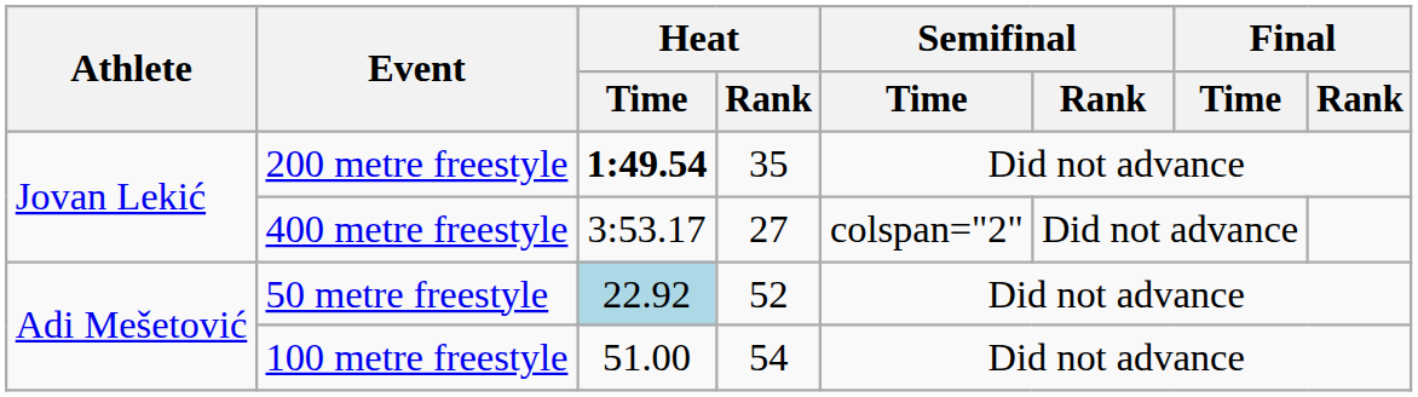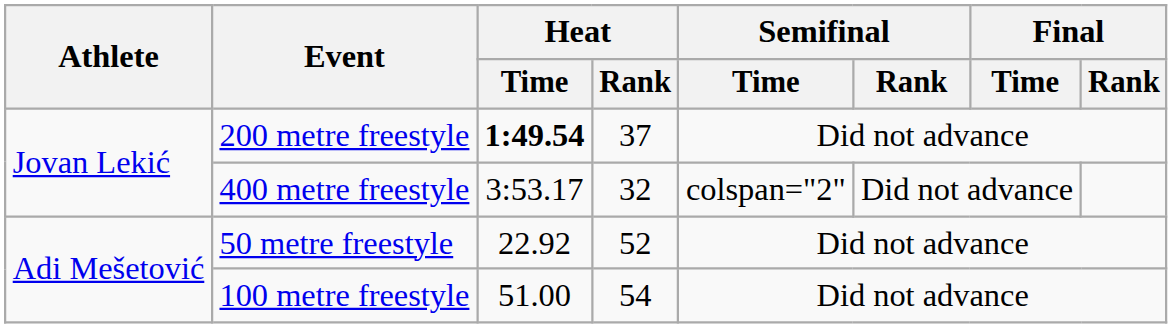 <table class="wikitable" style="text-align:center; font-size:90%">
 <tr>
 <th rowspan="2">Athlete</th>
 <th rowspan="2">Event</th>
 <th colspan="2">Heat</th>
 <th colspan="2">Semifinal</th>
 <th colspan="2">Final</th>
 </tr>
 <tr style="font-size:95%">
 <th>Time</th>
 <th>Rank</th>
 <th>Time</th>
 <th>Rank</th>
 <th>Time</th>
 <th>Rank</th>
 </tr>
 <tr>
 <td align=left rowspan=2><a href='#'>Jovan Lekić</a></td>
 <td align=left><a href='#'>200 metre freestyle</a></td>
 <td><strong>1:49.54</strong></td>
-<td>35</td>
+<td>37</td>
 <td colspan="4">Did not advance</td>
 </tr>
 <tr>
 <td align=left><a href='#'>400 metre freestyle</a></td>
 <td>3:53.17</td>
-<td>27</td>
+<td>32</td>
 <td>colspan="2" </td>
 <td colspan="2">Did not advance</td>
 </tr>
 <tr>
 <td align=left rowspan=2><a href='#'>Adi Mešetović</a></td>
 <td align=left><a href='#'>50 metre freestyle</a></td>
-<td style="background: lightblue;">22.92</td>
+<td>22.92</td>
 <td>52</td>
 <td colspan=4>Did not advance</td>
 </tr>
 <tr>
 <td align=left><a href='#'>100 metre freestyle</a></td>
 <td>51.00</td>
 <td>54</td>
 <td colspan="4">Did not advance</td>
 </tr>
 </table>
